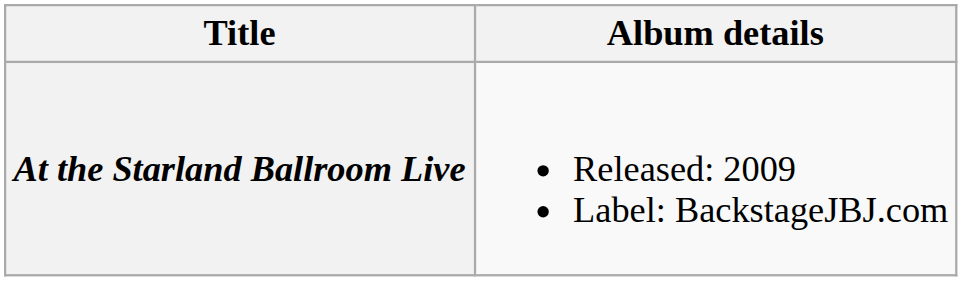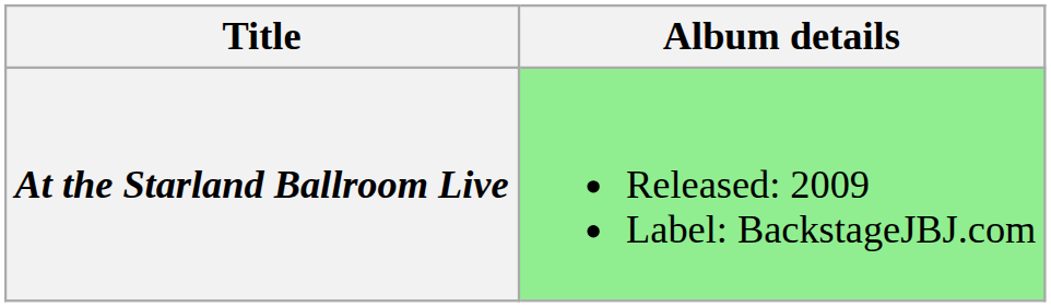 <table class="wikitable plainrowheaders">
 <tr>
 <th>Title</th>
 <th>Album details</th>
 </tr>
 <tr>
 <th scope="row"><em>At the Starland Ballroom Live</em></th>
-<td><br><ul><li>Released: 2009</li><li>Label: BackstageJBJ.com</li></ul></td>
+<td style="background: lightgreen;"><br><ul><li>Released: 2009</li><li>Label: BackstageJBJ.com</li></ul></td>
 </tr>
 </table>
